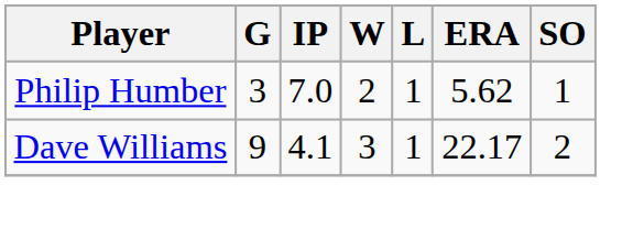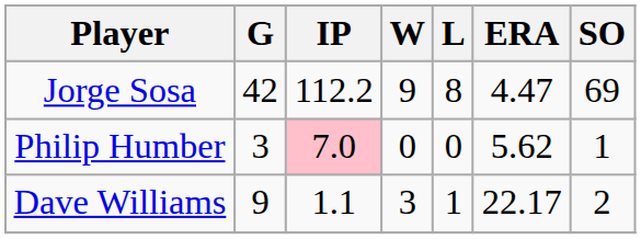 <table class="wikitable sortable">
 <tr>
 <th>Player</th>
 <th>G</th>
 <th>IP</th>
 <th>W</th>
 <th>L</th>
 <th>ERA</th>
 <th>SO</th>
 </tr>
+<tr align="center">
+<td><a href='#'>Jorge Sosa</a></td>
+<td>42</td>
+<td>112.2</td>
+<td>9</td>
+<td>8</td>
+<td>4.47</td>
+<td>69</td>
+</tr>
 <tr align=center>
 <td><a href='#'>Philip Humber</a></td>
 <td>3</td>
-<td>7.0</td>
-<td>2</td>
-<td>1</td>
+<td style="background: pink;">7.0</td>
+<td>0</td>
+<td>0</td>
 <td>5.62</td>
 <td>1</td>
 </tr>
 <tr align=center>
 <td><a href='#'>Dave Williams</a></td>
 <td>9</td>
-<td>4.1</td>
+<td>1.1</td>
 <td>3</td>
 <td>1</td>
 <td>22.17</td>
 <td>2</td>
 </tr>
 <tr align="center">
 </tr>
 </table>
